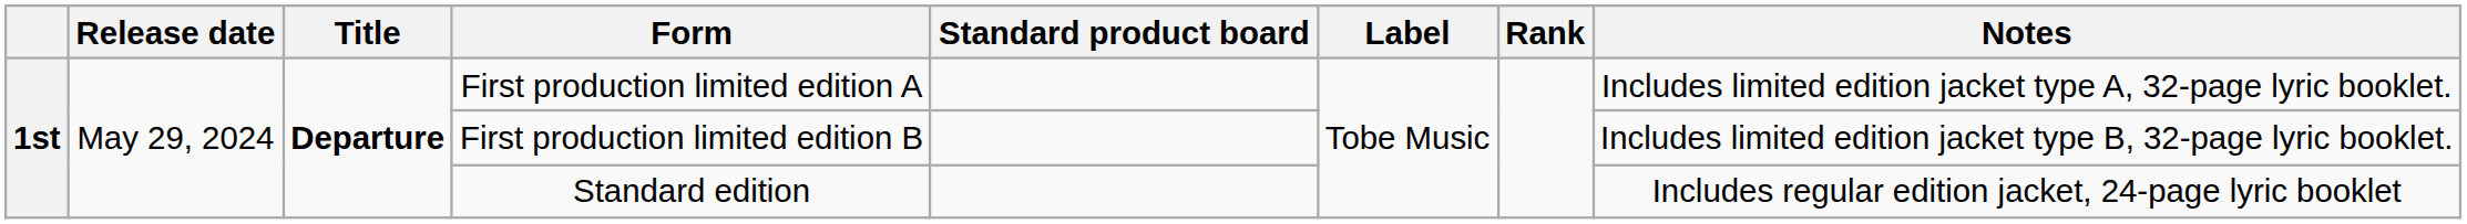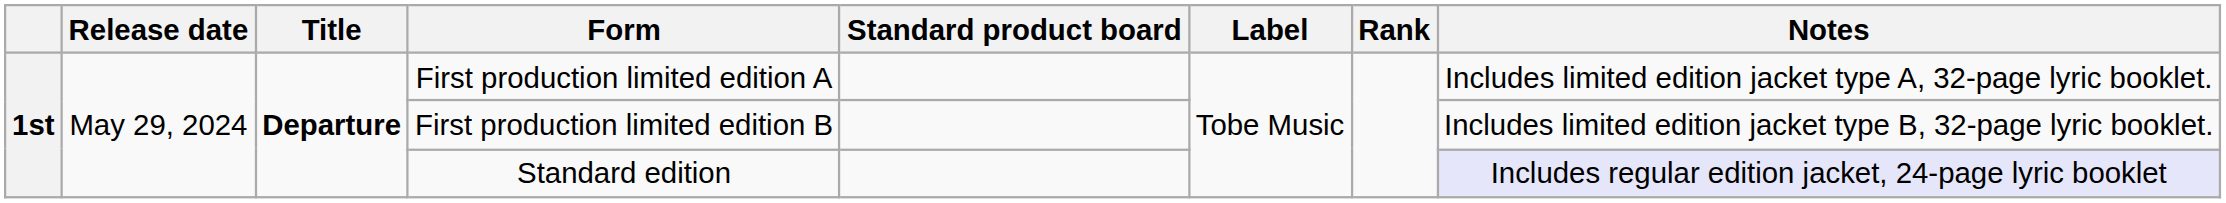 <table class="wikitable" style="font-size:small;text-align:center">
 <tr>
 <th> </th>
 <th>Release date</th>
 <th>Title</th>
 <th>Form</th>
 <th>Standard product board</th>
 <th>Label</th>
 <th>Rank</th>
 <th>Notes</th>
 </tr>
 <tr>
 <th rowspan="3">1st</th>
 <td rowspan="3">May 29, 2024</td>
 <td rowspan="3"><strong>Departure</strong></td>
 <td>First production limited edition A</td>
 <td></td>
 <td rowspan="3">Tobe Music</td>
 <td rowspan="3"></td>
 <td>Includes limited edition jacket type A, 32-page lyric booklet.</td>
 </tr>
 <tr>
 <td>First production limited edition B</td>
 <td></td>
 <td>Includes limited edition jacket type B, 32-page lyric booklet.</td>
 </tr>
 <tr>
 <td>Standard edition</td>
 <td></td>
-<td>Includes regular edition jacket, 24-page lyric booklet</td>
+<td style="background: lavender;">Includes regular edition jacket, 24-page lyric booklet</td>
 </tr>
 </table>
